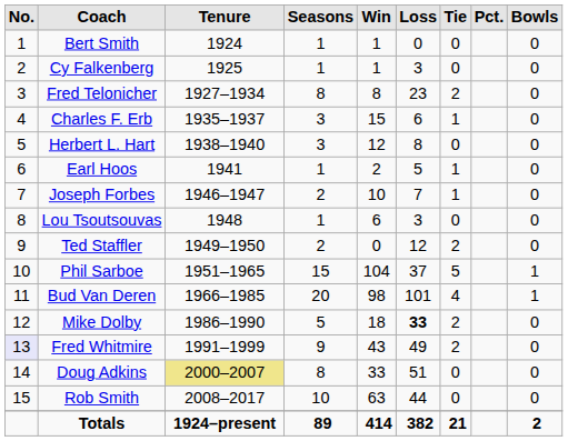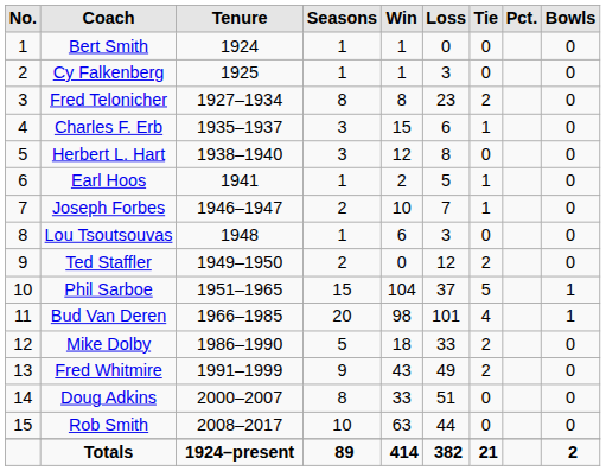 <table class="wikitable sortable" style="text-align:center;">
 <tr>
 <th style="background:#e5e5e5;">No.</th>
 <th style="background:#e5e5e5;">Coach</th>
 <th style="background:#e5e5e5;">Tenure</th>
 <th style="background:#e5e5e5;">Seasons</th>
 <th style="background:#e5e5e5;">Win</th>
 <th style="background:#e5e5e5;">Loss</th>
 <th style="background:#e5e5e5;">Tie</th>
 <th style="background:#e5e5e5;">Pct.</th>
 <th style="background:#e5e5e5;">Bowls</th>
 </tr>
 <tr>
 <td>1</td>
 <td><a href='#'>Bert Smith</a></td>
 <td>1924</td>
 <td>1</td>
 <td>1</td>
 <td>0</td>
 <td>0</td>
 <td></td>
 <td>0</td>
 </tr>
 <tr>
 <td>2</td>
 <td><a href='#'>Cy Falkenberg</a></td>
 <td>1925</td>
 <td>1</td>
 <td>1</td>
 <td>3</td>
 <td>0</td>
 <td></td>
 <td>0</td>
 </tr>
 <tr>
 <td>3</td>
 <td><a href='#'>Fred Telonicher</a></td>
 <td>1927–1934</td>
 <td>8</td>
 <td>8</td>
 <td>23</td>
 <td>2</td>
 <td></td>
 <td>0</td>
 </tr>
 <tr>
 <td>4</td>
 <td><a href='#'>Charles F. Erb</a></td>
 <td>1935–1937</td>
 <td>3</td>
 <td>15</td>
 <td>6</td>
 <td>1</td>
 <td></td>
 <td>0</td>
 </tr>
 <tr>
 <td>5</td>
 <td><a href='#'>Herbert L. Hart</a></td>
 <td>1938–1940</td>
 <td>3</td>
 <td>12</td>
 <td>8</td>
 <td>0</td>
 <td></td>
 <td>0</td>
 </tr>
 <tr>
 <td>6</td>
 <td><a href='#'>Earl Hoos</a></td>
 <td>1941</td>
 <td>1</td>
 <td>2</td>
 <td>5</td>
 <td>1</td>
 <td></td>
 <td>0</td>
 </tr>
 <tr>
 <td>7</td>
 <td><a href='#'>Joseph Forbes</a></td>
 <td>1946–1947</td>
 <td>2</td>
 <td>10</td>
 <td>7</td>
 <td>1</td>
 <td></td>
 <td>0</td>
 </tr>
 <tr>
 <td>8</td>
 <td><a href='#'>Lou Tsoutsouvas</a></td>
 <td>1948</td>
 <td>1</td>
 <td>6</td>
 <td>3</td>
 <td>0</td>
 <td></td>
 <td>0</td>
 </tr>
 <tr>
 <td>9</td>
 <td><a href='#'>Ted Staffler</a></td>
 <td>1949–1950</td>
 <td>2</td>
 <td>0</td>
 <td>12</td>
 <td>2</td>
 <td></td>
 <td>0</td>
 </tr>
 <tr>
 <td>10</td>
 <td><a href='#'>Phil Sarboe</a></td>
 <td>1951–1965</td>
 <td>15</td>
 <td>104</td>
 <td>37</td>
 <td>5</td>
 <td></td>
 <td>1</td>
 </tr>
 <tr>
 <td>11</td>
 <td><a href='#'>Bud Van Deren</a></td>
 <td>1966–1985</td>
 <td>20</td>
 <td>98</td>
 <td>101</td>
 <td>4</td>
 <td></td>
 <td>1</td>
 </tr>
 <tr>
 <td>12</td>
 <td><a href='#'>Mike Dolby</a></td>
 <td>1986–1990</td>
 <td>5</td>
 <td>18</td>
-<td><strong>33</strong></td>
+<td>33</td>
 <td>2</td>
 <td></td>
 <td>0</td>
 </tr>
 <tr>
-<td style="background: lavender;">13</td>
+<td>13</td>
 <td><a href='#'>Fred Whitmire</a></td>
 <td>1991–1999</td>
 <td>9</td>
 <td>43</td>
 <td>49</td>
 <td>2</td>
 <td></td>
 <td>0</td>
 </tr>
 <tr>
 <td>14</td>
 <td><a href='#'>Doug Adkins</a></td>
-<td style="background: khaki;">2000–2007</td>
+<td>2000–2007</td>
 <td>8</td>
 <td>33</td>
 <td>51</td>
 <td>0</td>
 <td></td>
 <td>0</td>
 </tr>
 <tr>
 <td>15</td>
 <td><a href='#'>Rob Smith</a></td>
 <td>2008–2017</td>
 <td>10</td>
 <td>63</td>
 <td>44</td>
 <td>0</td>
 <td></td>
 <td>0</td>
 </tr>
 <tr>
 </tr>
 <tr style="font-weight:bold">
 <td> </td>
 <td> Totals </td>
 <td> 1924–present </td>
 <td> 89</td>
 <td> 414</td>
 <td> 382</td>
 <td> 21</td>
 <td></td>
 <td> 2</td>
 </tr>
 </table>
